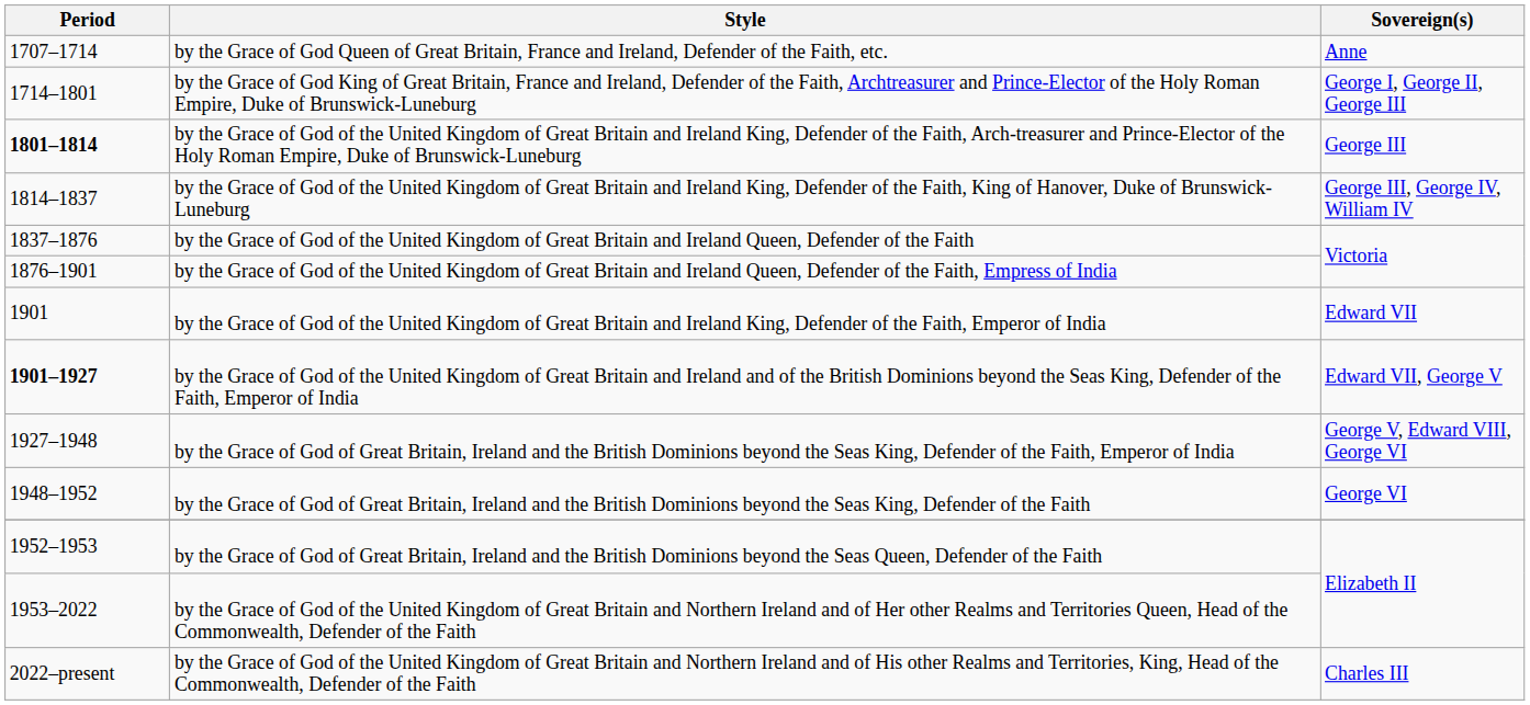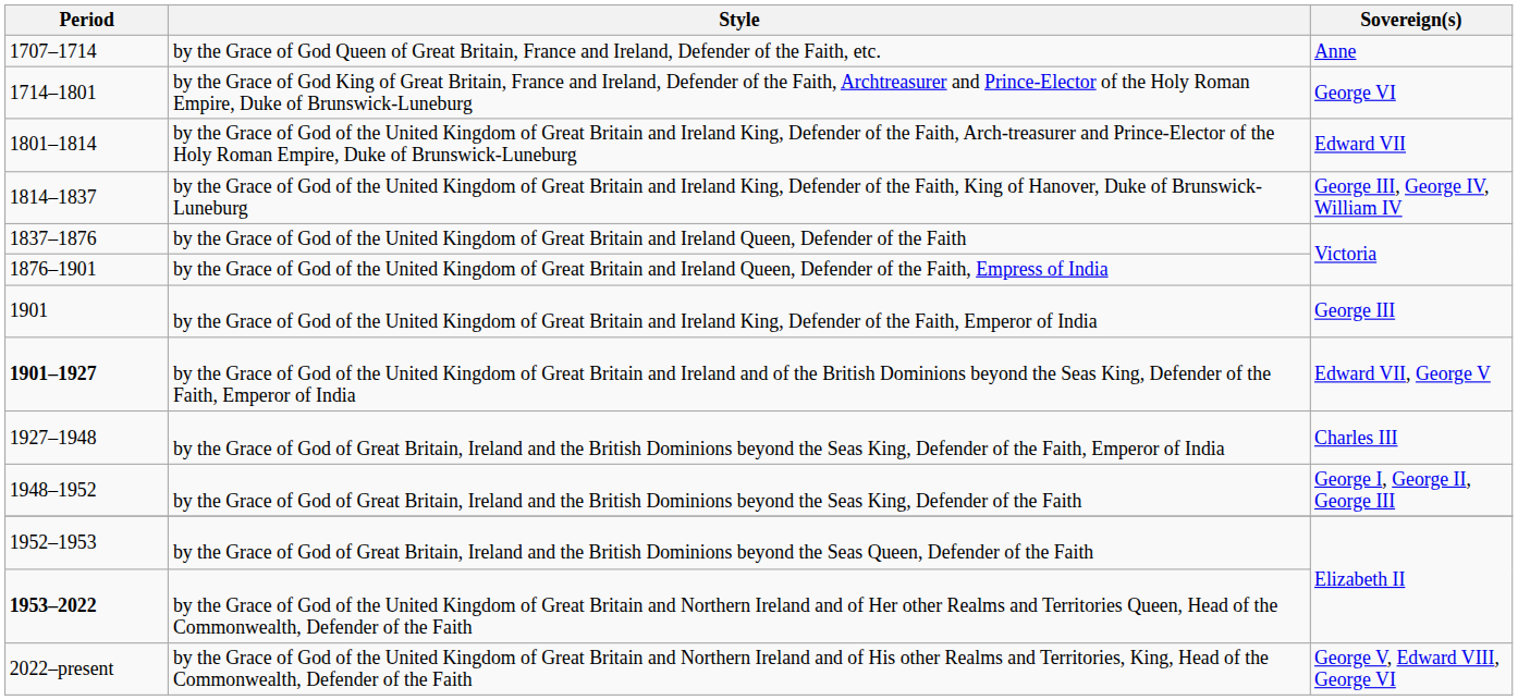 <table class="wikitable" id="Styles of British sovereigns">
 <tr>
 <th style="width:8em;">Period</th>
 <th>Style</th>
 <th style="width:10em;">Sovereign(s)</th>
 </tr>
 <tr>
 <td>1707–1714</td>
 <td>by the Grace of God Queen of Great Britain, France and Ireland, Defender of the Faith, etc.</td>
 <td><a href='#'>Anne</a></td>
 </tr>
 <tr>
 <td>1714–1801</td>
 <td>by the Grace of God King of Great Britain, France and Ireland, Defender of the Faith, <a href='#'>Archtreasurer</a> and <a href='#'>Prince-Elector</a> of the Holy Roman Empire, Duke of Brunswick-Luneburg</td>
-<td><a href='#'>George I</a>, <a href='#'>George II</a>, <a href='#'>George III</a></td>
+<td><a href='#'>George VI</a></td>
 </tr>
 <tr>
-<td><strong>1801–1814</strong></td>
+<td>1801–1814</td>
 <td>by the Grace of God of the United Kingdom of Great Britain and Ireland King, Defender of the Faith, Arch-treasurer and Prince-Elector of the Holy Roman Empire, Duke of Brunswick-Luneburg</td>
-<td><a href='#'>George III</a></td>
+<td><a href='#'>Edward VII</a></td>
 </tr>
 <tr>
 <td>1814–1837</td>
 <td>by the Grace of God of the United Kingdom of Great Britain and Ireland King, Defender of the Faith, King of Hanover, Duke of Brunswick-Luneburg</td>
 <td><a href='#'>George III</a>, <a href='#'>George IV</a>, <a href='#'>William IV</a></td>
 </tr>
 <tr>
 <td>1837–1876</td>
 <td>by the Grace of God of the United Kingdom of Great Britain and Ireland Queen, Defender of the Faith</td>
 <td rowspan="2"><a href='#'>Victoria</a></td>
 </tr>
 <tr>
 <td>1876–1901</td>
 <td>by the Grace of God of the United Kingdom of Great Britain and Ireland Queen, Defender of the Faith, <a href='#'>Empress of India</a></td>
 </tr>
 <tr>
 <td>1901</td>
 <td><br>by the Grace of God of the United Kingdom of Great Britain and Ireland King, Defender of the Faith, Emperor of India</td>
-<td><a href='#'>Edward VII</a></td>
+<td><a href='#'>George III</a></td>
 </tr>
 <tr>
 <td><strong>1901–1927</strong></td>
 <td><br>by the Grace of God of the United Kingdom of Great Britain and Ireland and of the British Dominions beyond the Seas King, Defender of the Faith, Emperor of India</td>
 <td><a href='#'>Edward VII</a>, <a href='#'>George V</a></td>
 </tr>
 <tr>
 <td>1927–1948</td>
 <td><br>by the Grace of God of Great Britain, Ireland and the British Dominions beyond the Seas King, Defender of the Faith, Emperor of India</td>
-<td><a href='#'>George V</a>, <a href='#'>Edward VIII</a>, <a href='#'>George VI</a></td>
+<td><a href='#'>Charles III</a></td>
 </tr>
 <tr>
 <td>1948–1952</td>
 <td><br>by the Grace of God of Great Britain, Ireland and the British Dominions beyond the Seas King, Defender of the Faith</td>
-<td><a href='#'>George VI</a></td>
+<td><a href='#'>George I</a>, <a href='#'>George II</a>, <a href='#'>George III</a></td>
 </tr>
 <tr>
 </tr>
 <tr>
 <td>1952–1953</td>
 <td><br>by the Grace of God of Great Britain, Ireland and the British Dominions beyond the Seas Queen, Defender of the Faith</td>
 <td rowspan="2"><a href='#'>Elizabeth II</a></td>
 </tr>
 <tr>
-<td>1953–2022</td>
+<td><strong>1953–2022</strong></td>
 <td><br>by the Grace of God of the United Kingdom of Great Britain and Northern Ireland and of Her other Realms and Territories Queen, Head of the Commonwealth, Defender of the Faith</td>
 </tr>
 <tr>
 <td>2022–present</td>
 <td>by the Grace of God of the United Kingdom of Great Britain and Northern Ireland and of His other Realms and Territories, King, Head of the Commonwealth, Defender of the Faith</td>
-<td><a href='#'>Charles III</a></td>
+<td><a href='#'>George V</a>, <a href='#'>Edward VIII</a>, <a href='#'>George VI</a></td>
 </tr>
 </table>
